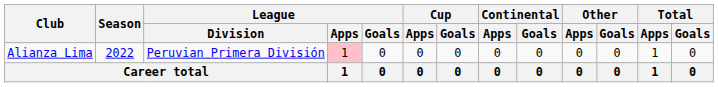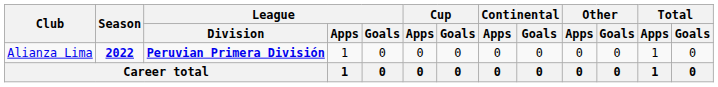 <table class="wikitable" style="text-align: center">
 <tr>
 <th rowspan="2">Club</th>
 <th rowspan="2">Season</th>
 <th colspan="3">League</th>
 <th colspan="2">Cup</th>
 <th colspan="2">Continental</th>
 <th colspan="2">Other</th>
 <th colspan="2">Total</th>
 </tr>
 <tr>
 <th>Division</th>
 <th>Apps</th>
 <th>Goals</th>
 <th>Apps</th>
 <th>Goals</th>
 <th>Apps</th>
 <th>Goals</th>
 <th>Apps</th>
 <th>Goals</th>
 <th>Apps</th>
 <th>Goals</th>
 </tr>
 <tr>
 <td><a href='#'>Alianza Lima</a></td>
-<td><a href='#'>2022</a></td>
-<td><a href='#'>Peruvian Primera División</a></td>
-<td style="background: pink;">1</td>
+<td><strong><a href='#'>2022</a></strong></td>
+<td><strong><a href='#'>Peruvian Primera División</a></strong></td>
+<td>1</td>
 <td>0</td>
 <td>0</td>
 <td>0</td>
 <td>0</td>
 <td>0</td>
 <td>0</td>
 <td>0</td>
 <td>1</td>
 <td>0</td>
 </tr>
 <tr>
 <th colspan="3"><strong>Career total</strong></th>
 <th>1</th>
 <th>0</th>
 <th>0</th>
 <th>0</th>
 <th>0</th>
 <th>0</th>
 <th>0</th>
 <th>0</th>
 <th>1</th>
 <th>0</th>
 </tr>
 </table>
